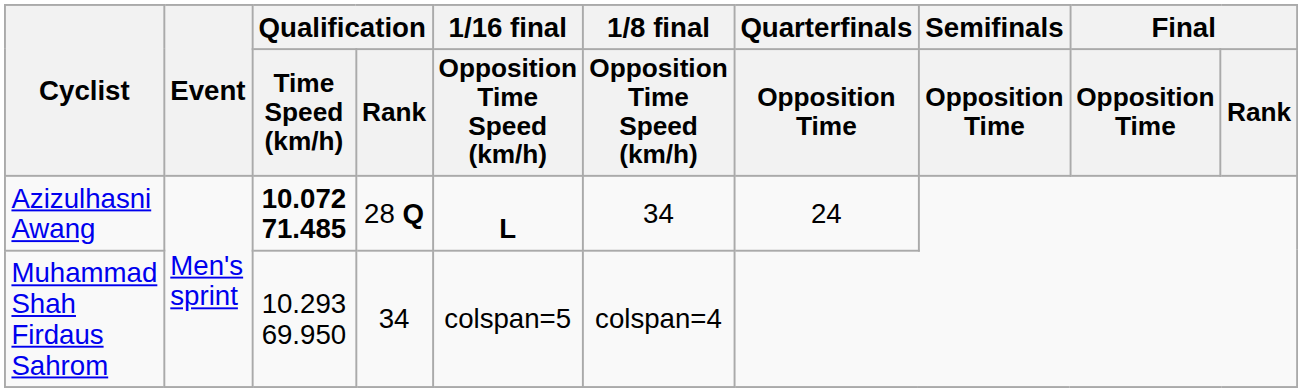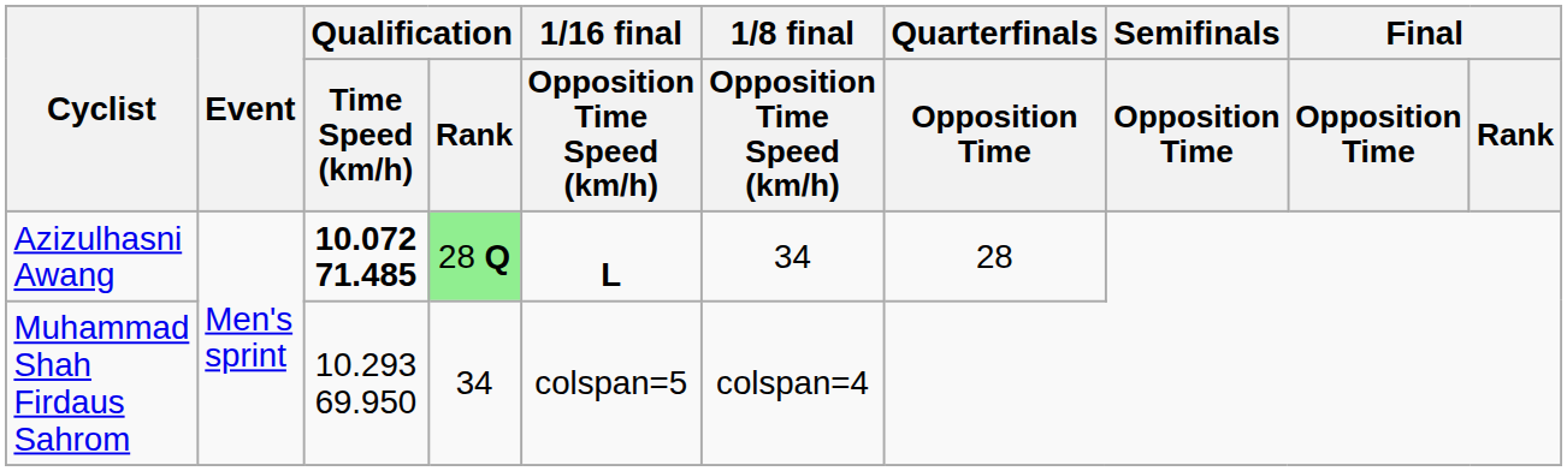 <table class="wikitable" style="font-size:90%">
 <tr>
 <th rowspan=2>Cyclist</th>
 <th rowspan=2>Event</th>
 <th colspan=2>Qualification</th>
 <th>1/16 final</th>
 <th>1/8 final</th>
 <th>Quarterfinals</th>
 <th>Semifinals</th>
 <th colspan=2>Final</th>
 </tr>
 <tr style="font-size:95%">
 <th>Time<br>Speed (km/h)</th>
 <th>Rank</th>
 <th>Opposition<br>Time<br>Speed (km/h)</th>
 <th>Opposition<br>Time<br>Speed (km/h)</th>
 <th>Opposition<br>Time</th>
 <th>Opposition<br>Time</th>
 <th>Opposition<br>Time</th>
 <th>Rank</th>
 </tr>
 <tr align=center>
 <td align=left><a href='#'>Azizulhasni Awang</a></td>
 <td align=left rowspan=2><a href='#'>Men's sprint</a></td>
 <td><strong>10.072<br>71.485</strong></td>
-<td>28 <strong>Q</strong></td>
+<td style="background: lightgreen;">28 <strong>Q</strong></td>
 <td><br><strong>L</strong></td>
 <td>34</td>
-<td>24</td>
+<td>28</td>
 </tr>
 <tr align=center>
 <td align=left><a href='#'>Muhammad Shah Firdaus Sahrom</a></td>
 <td>10.293<br>69.950</td>
 <td>34</td>
 <td>colspan=5 </td>
 <td>colspan=4 </td>
 </tr>
 </table>
